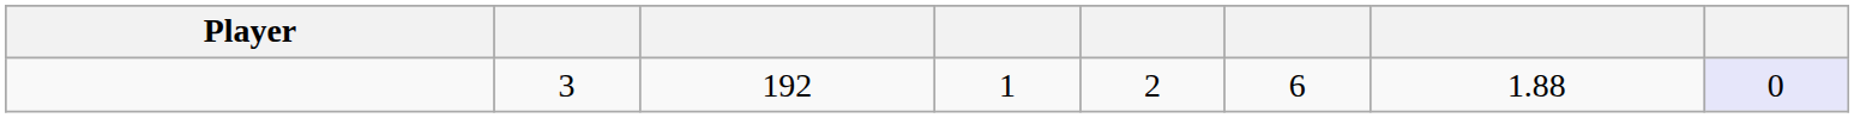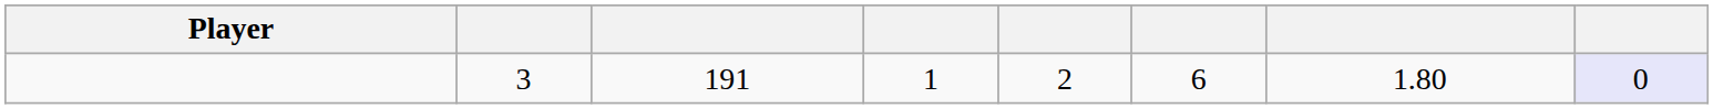 <table class="wikitable sortable" style="width:100%;">
 <tr style="text-align:center; background:#ddd;">
 <th>Player</th>
 <th></th>
 <th></th>
 <th></th>
 <th></th>
 <th></th>
 <th></th>
 <th></th>
 </tr>
 <tr align=center>
 <td></td>
 <td>3</td>
-<td>192</td>
+<td>191</td>
 <td>1</td>
 <td>2</td>
 <td>6</td>
-<td>1.88</td>
+<td>1.80</td>
 <td style="background: lavender;">0</td>
 </tr>
 </table>
